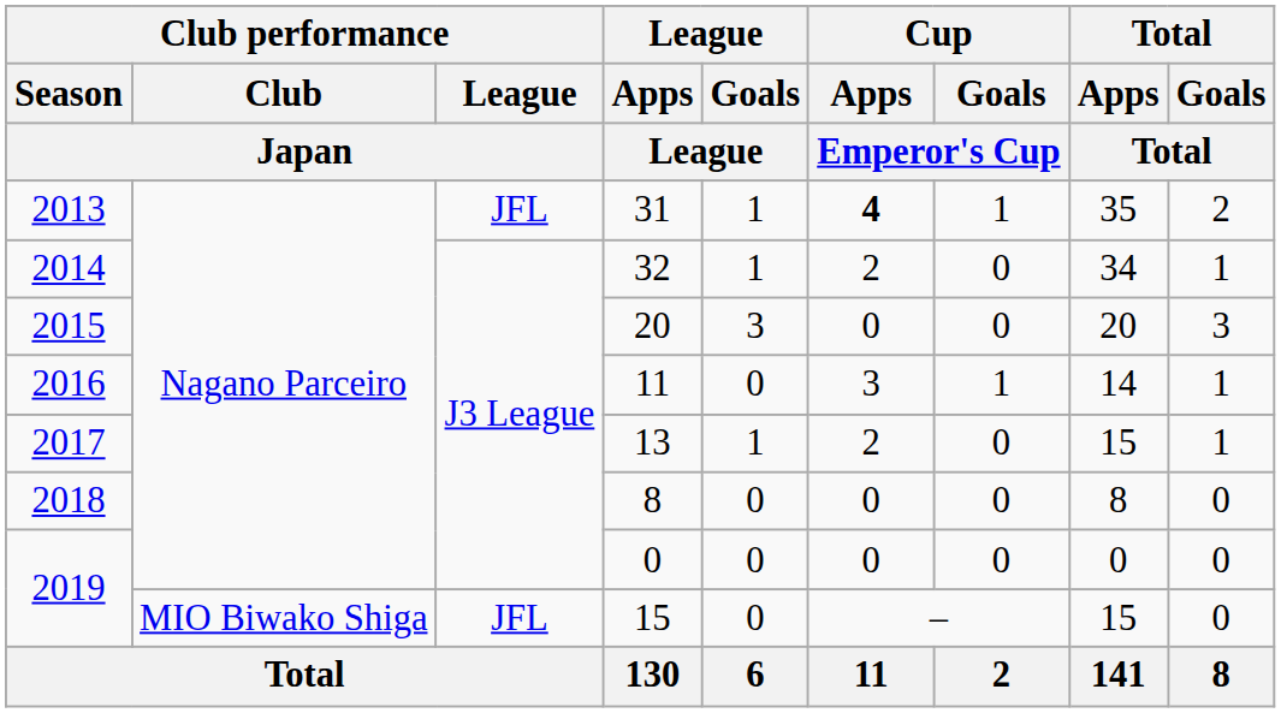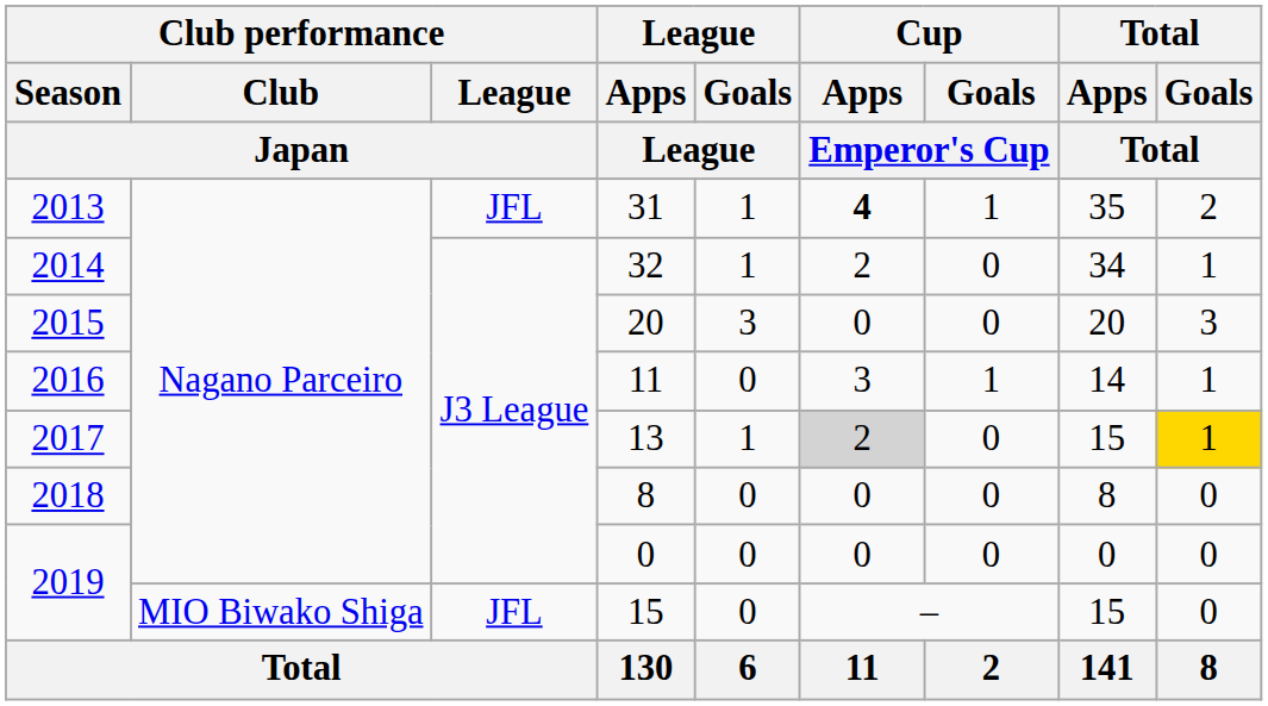 <table class="wikitable" style="text-align:center;">
 <tr>
 <th colspan=3>Club performance</th>
 <th colspan=2>League</th>
 <th colspan=2>Cup</th>
 <th colspan=2>Total</th>
 </tr>
 <tr>
 <th>Season</th>
 <th>Club</th>
 <th>League</th>
 <th>Apps</th>
 <th>Goals</th>
 <th>Apps</th>
 <th>Goals</th>
 <th>Apps</th>
 <th>Goals</th>
 </tr>
 <tr>
 <th colspan=3>Japan</th>
 <th colspan=2>League</th>
 <th colspan=2><a href='#'>Emperor's Cup</a></th>
 <th colspan=2>Total</th>
 </tr>
 <tr>
 <td><a href='#'>2013</a></td>
 <td rowspan="7"><a href='#'>Nagano Parceiro</a></td>
 <td><a href='#'>JFL</a></td>
 <td>31</td>
 <td>1</td>
 <td><strong>4</strong></td>
 <td>1</td>
 <td>35</td>
 <td>2</td>
 </tr>
 <tr>
 <td><a href='#'>2014</a></td>
 <td rowspan="6"><a href='#'>J3 League</a></td>
 <td>32</td>
 <td>1</td>
 <td>2</td>
 <td>0</td>
 <td>34</td>
 <td>1</td>
 </tr>
 <tr>
 <td><a href='#'>2015</a></td>
 <td>20</td>
 <td>3</td>
 <td>0</td>
 <td>0</td>
 <td>20</td>
 <td>3</td>
 </tr>
 <tr>
 <td><a href='#'>2016</a></td>
 <td>11</td>
 <td>0</td>
 <td>3</td>
 <td>1</td>
 <td>14</td>
 <td>1</td>
 </tr>
 <tr>
 <td><a href='#'>2017</a></td>
 <td>13</td>
 <td>1</td>
-<td>2</td>
+<td style="background: lightgrey;">2</td>
 <td>0</td>
 <td>15</td>
-<td>1</td>
+<td style="background: gold;">1</td>
 </tr>
 <tr>
 <td><a href='#'>2018</a></td>
 <td>8</td>
 <td>0</td>
 <td>0</td>
 <td>0</td>
 <td>8</td>
 <td>0</td>
 </tr>
 <tr>
 <td rowspan="2"><a href='#'>2019</a></td>
 <td>0</td>
 <td>0</td>
 <td>0</td>
 <td>0</td>
 <td>0</td>
 <td>0</td>
 </tr>
 <tr>
 <td rowspan="1"><a href='#'>MIO Biwako Shiga</a></td>
 <td rowspan="1"><a href='#'>JFL</a></td>
 <td>15</td>
 <td>0</td>
 <td colspan="2">–</td>
 <td>15</td>
 <td>0</td>
 </tr>
 <tr>
 <th colspan=3>Total</th>
 <th>130</th>
 <th>6</th>
 <th>11</th>
 <th>2</th>
 <th>141</th>
 <th>8</th>
 </tr>
 </table>
